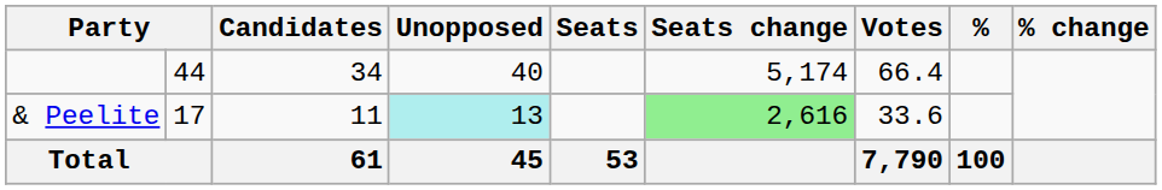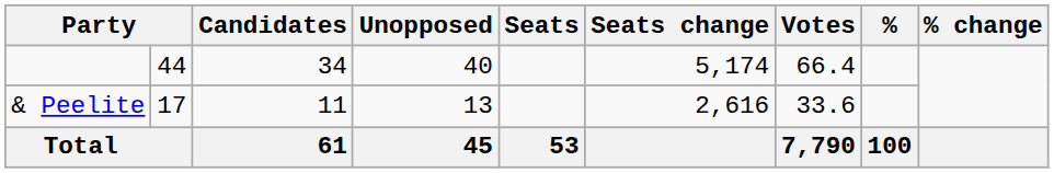 <table class="wikitable sortable">
 <tr>
 <th colspan=2>Party</th>
 <th>Candidates</th>
 <th>Unopposed</th>
 <th>Seats</th>
 <th>Seats change</th>
 <th>Votes</th>
 <th>%</th>
 <th>% change</th>
 </tr>
 <tr>
 <td></td>
 <td align=right>44</td>
 <td align=right>34</td>
 <td align=right>40</td>
 <td align=right></td>
 <td align=right>5,174</td>
 <td align=right>66.4</td>
 <td align=right></td>
 </tr>
 <tr>
 <td> & <a href='#'>Peelite</a></td>
 <td align=right>17</td>
 <td align=right>11</td>
-<td align=right style="background: paleturquoise;">13</td>
+<td align=right>13</td>
 <td align=right></td>
-<td align=right style="background: lightgreen;">2,616</td>
+<td align=right>2,616</td>
 <td align=right>33.6</td>
 <td align=right></td>
 </tr>
 <tr class="sortbottom" style="font-weight: bold; text-align: right; background: #f2f2f2;">
 <th colspan="2" style="padding-left: 1.5em; text-align: left;">Total</th>
 <td align=right>61</td>
 <td align=right>45</td>
 <td align=right>53</td>
 <td align=right></td>
 <td align=right>7,790</td>
 <td align=right>100</td>
 <td align=right></td>
 </tr>
 </table>
